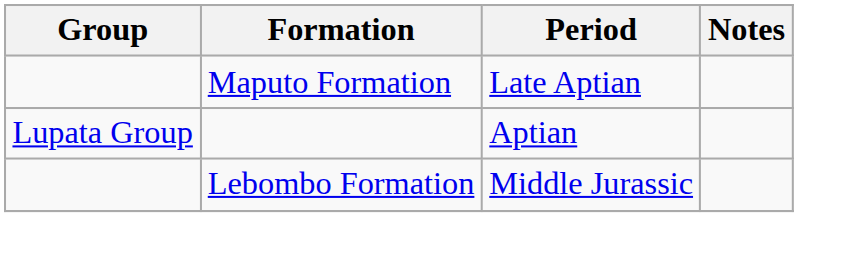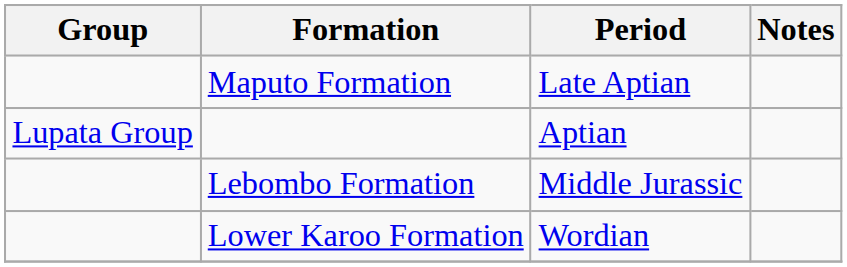 <table class="wikitable sortable">
 <tr>
 <th>Group</th>
 <th>Formation</th>
 <th>Period</th>
 <th class="unsortable">Notes</th>
 </tr>
 <tr>
 <td></td>
 <td><a href='#'>Maputo Formation</a></td>
 <td style="background-color: "><a href='#'>Late Aptian</a></td>
 <td align=center></td>
 </tr>
 <tr>
 <td><a href='#'>Lupata Group</a></td>
 <td></td>
 <td style="background-color: "><a href='#'>Aptian</a></td>
 <td align=center></td>
 </tr>
 <tr>
 <td></td>
 <td><a href='#'>Lebombo Formation</a></td>
 <td style="background-color: "><a href='#'>Middle Jurassic</a></td>
 <td align=center></td>
 </tr>
 <tr>
+<td></td>
+<td><a href='#'>Lower Karoo Formation</a></td>
+<td style="background-color: "><a href='#'>Wordian</a></td>
+<td align=center></td>
+</tr>
+<tr>
 </tr>
 </table>
